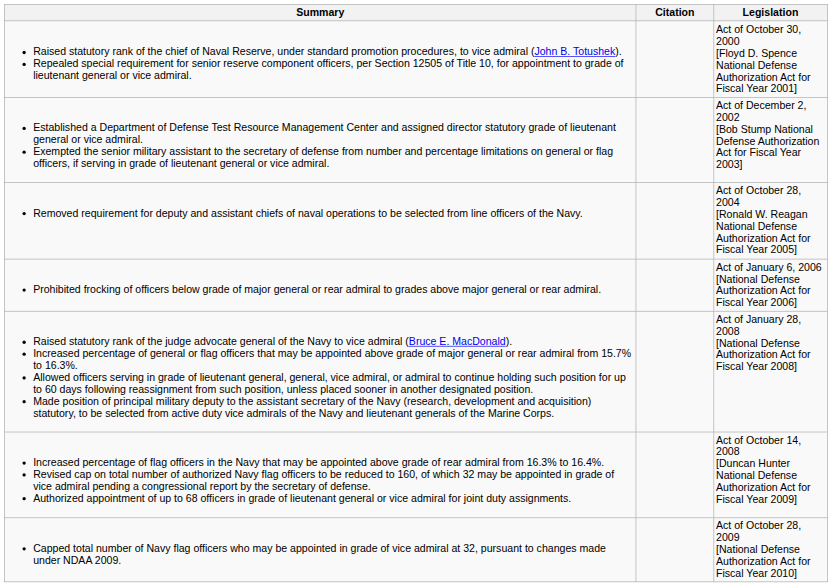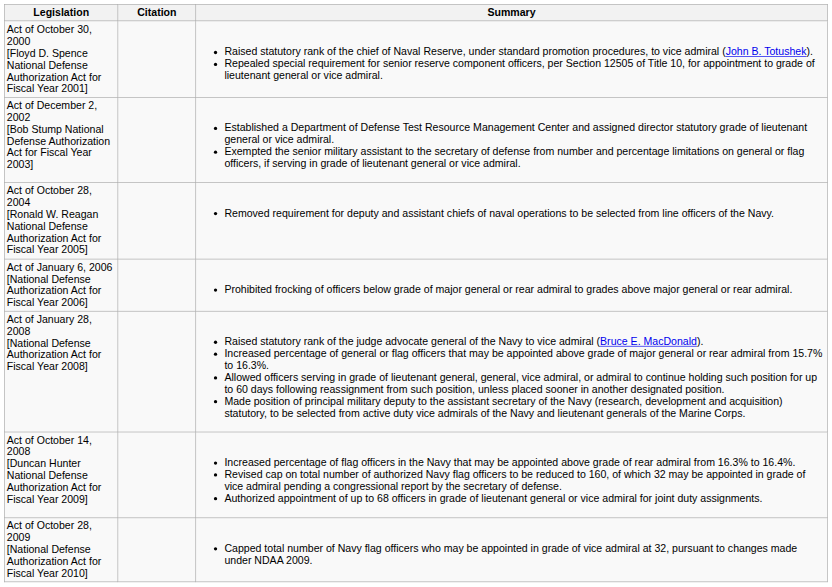 <table class="wikitable">
 <tr>
+<th width = 165>Legislation</th>
+<th width = 110>Citation</th>
 <th scope="col" class="unsortable">Summary</th>
-<th width = 110>Citation</th>
-<th width = 165>Legislation</th>
 </tr>
 <tr style="vertical-align: top;">
+<td>Act of October 30, 2000<br>[Floyd D. Spence National Defense Authorization Act for Fiscal Year 2001]</td>
+<td> <br> </td>
 <td><br><ul><li>Raised statutory rank of the chief of Naval Reserve, under standard promotion procedures, to vice admiral (<a href='#'>John B. Totushek</a>).</li><li>Repealed special requirement for senior reserve component officers, per Section 12505 of Title 10, for appointment to grade of lieutenant general or vice admiral.</li></ul></td>
-<td> <br> </td>
-<td>Act of October 30, 2000<br>[Floyd D. Spence National Defense Authorization Act for Fiscal Year 2001]</td>
 </tr>
 <tr style="vertical-align: top;">
+<td>Act of December 2, 2002<br>[Bob Stump National Defense Authorization Act for Fiscal Year 2003]</td>
+<td> <br> </td>
 <td><br><ul><li>Established a Department of Defense Test Resource Management Center and assigned director statutory grade of lieutenant general or vice admiral.</li><li>Exempted the senior military assistant to the secretary of defense from number and percentage limitations on general or flag officers, if serving in grade of lieutenant general or vice admiral.</li></ul></td>
-<td> <br> </td>
-<td>Act of December 2, 2002<br>[Bob Stump National Defense Authorization Act for Fiscal Year 2003]</td>
 </tr>
 <tr style="vertical-align: top;">
+<td>Act of October 28, 2004<br>[Ronald W. Reagan National Defense Authorization Act for Fiscal Year 2005]</td>
+<td> </td>
 <td><br><ul><li>Removed requirement for deputy and assistant chiefs of naval operations to be selected from line officers of the Navy.</li></ul></td>
-<td> </td>
-<td>Act of October 28, 2004<br>[Ronald W. Reagan National Defense Authorization Act for Fiscal Year 2005]</td>
 </tr>
 <tr style="vertical-align: top;">
+<td>Act of January 6, 2006<br>[National Defense Authorization Act for Fiscal Year 2006]</td>
+<td> </td>
 <td><br><ul><li>Prohibited frocking of officers below grade of major general or rear admiral to grades above major general or rear admiral.</li></ul></td>
-<td> </td>
-<td>Act of January 6, 2006<br>[National Defense Authorization Act for Fiscal Year 2006]</td>
 </tr>
 <tr style="vertical-align: top;">
+<td>Act of January 28, 2008<br>[National Defense Authorization Act for Fiscal Year 2008]</td>
+<td> <br> <br> </td>
 <td><br><ul><li>Raised statutory rank of the judge advocate general of the Navy to vice admiral (<a href='#'>Bruce E. MacDonald</a>).</li><li>Increased percentage of general or flag officers that may be appointed above grade of major general or rear admiral from 15.7% to 16.3%.</li><li>Allowed officers serving in grade of lieutenant general, general, vice admiral, or admiral to continue holding such position for up to 60 days following reassignment from such position, unless placed sooner in another designated position.</li><li>Made position of principal military deputy to the assistant secretary of the Navy (research, development and acquisition) statutory, to be selected from active duty vice admirals of the Navy and lieutenant generals of the Marine Corps.</li></ul></td>
-<td> <br> <br> </td>
-<td>Act of January 28, 2008<br>[National Defense Authorization Act for Fiscal Year 2008]</td>
 </tr>
 <tr style="vertical-align: top;">
+<td>Act of October 14, 2008<br>[Duncan Hunter National Defense Authorization Act for Fiscal Year 2009]</td>
+<td> <br> <br> </td>
 <td><br><ul><li>Increased percentage of flag officers in the Navy that may be appointed above grade of rear admiral from 16.3% to 16.4%.</li><li>Revised cap on total number of authorized Navy flag officers to be reduced to 160, of which 32 may be appointed in grade of vice admiral pending a congressional report by the secretary of defense.</li><li>Authorized appointment of up to 68 officers in grade of lieutenant general or vice admiral for joint duty assignments.</li></ul></td>
-<td> <br> <br> </td>
-<td>Act of October 14, 2008<br>[Duncan Hunter National Defense Authorization Act for Fiscal Year 2009]</td>
 </tr>
 <tr style="vertical-align: top;">
+<td>Act of October 28, 2009<br>[National Defense Authorization Act for Fiscal Year 2010]</td>
+<td> </td>
 <td><br><ul><li>Capped total number of Navy flag officers who may be appointed in grade of vice admiral at 32, pursuant to changes made under NDAA 2009.</li></ul></td>
-<td> </td>
-<td>Act of October 28, 2009<br>[National Defense Authorization Act for Fiscal Year 2010]</td>
 </tr>
 </table>
